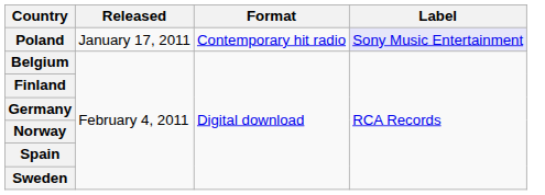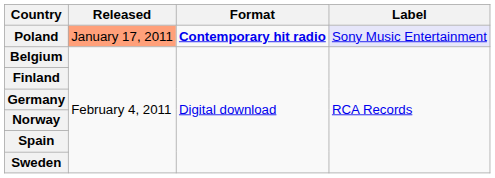 <table class="wikitable plainrowheaders">
 <tr>
 <th>Country</th>
 <th>Released</th>
 <th>Format</th>
 <th>Label</th>
 </tr>
 <tr>
 <th scope="row">Poland</th>
-<td>January 17, 2011</td>
-<td><a href='#'>Contemporary hit radio</a></td>
+<td style="background: lightsalmon;">January 17, 2011</td>
+<td><strong><a href='#'>Contemporary hit radio</a></strong></td>
 <td style="background: lavender;"><a href='#'>Sony Music Entertainment</a></td>
 </tr>
 <tr>
 <th scope="row">Belgium</th>
 <td rowspan="6">February 4, 2011</td>
 <td rowspan="6"><a href='#'>Digital download</a></td>
 <td rowspan="6"><a href='#'>RCA Records</a></td>
 </tr>
 <tr>
 <th scope="row">Finland</th>
 </tr>
 <tr>
 <th scope="row">Germany</th>
 </tr>
 <tr>
 <th scope="row">Norway</th>
 </tr>
 <tr>
 <th scope="row">Spain</th>
 </tr>
 <tr>
 <th scope="row">Sweden</th>
 </tr>
 </table>
